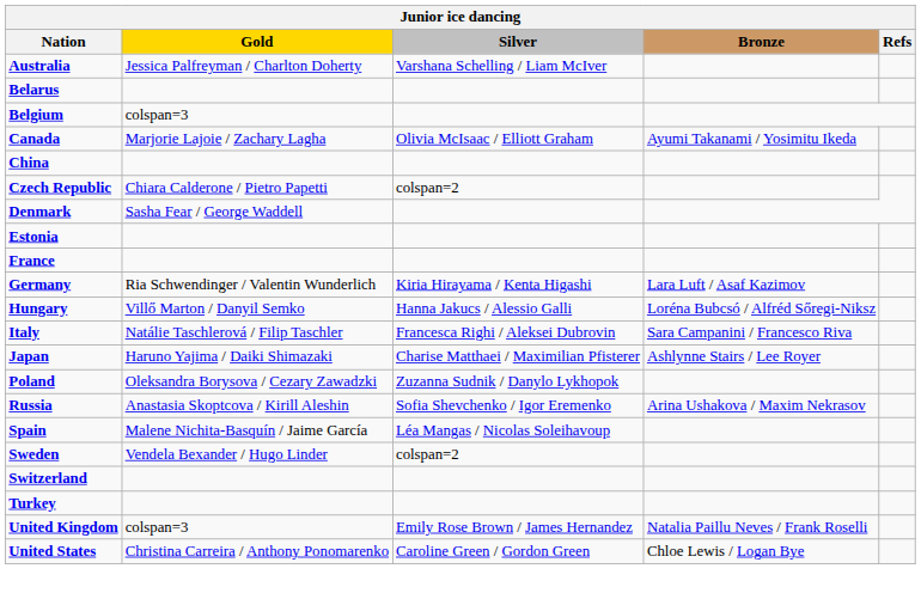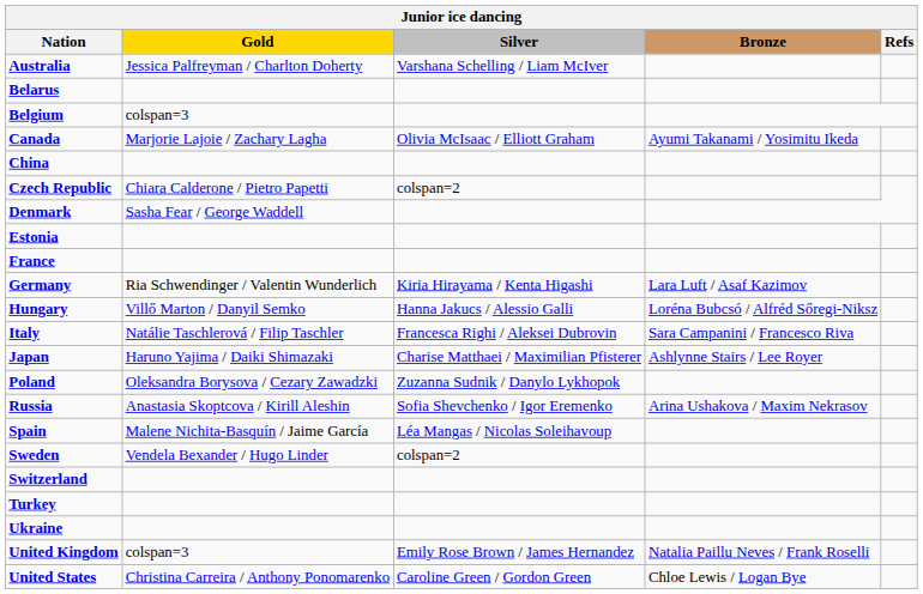 <table class="wikitable">
 <tr>
 <th colspan=5>Junior ice dancing</th>
 </tr>
 <tr>
 <th>Nation</th>
 <td style="text-align:center; background:gold;"><strong>Gold</strong></td>
 <td style="text-align:center; background:silver;"><strong>Silver</strong></td>
 <td style="text-align:center; background:#c96;"><strong>Bronze</strong></td>
 <th>Refs</th>
 </tr>
 <tr>
 <td><strong><a href='#'>Australia</a></strong></td>
 <td><a href='#'>Jessica Palfreyman</a> / <a href='#'>Charlton Doherty</a></td>
 <td><a href='#'>Varshana Schelling</a> / <a href='#'>Liam McIver</a></td>
 <td></td>
 <td></td>
 </tr>
 <tr>
 <td><strong><a href='#'>Belarus</a></strong></td>
 <td></td>
 <td></td>
 <td></td>
 <td></td>
 </tr>
 <tr>
 <td><strong><a href='#'>Belgium</a></strong></td>
 <td>colspan=3 </td>
 <td></td>
 </tr>
 <tr>
 <td><strong><a href='#'>Canada</a></strong></td>
 <td><a href='#'>Marjorie Lajoie</a> / <a href='#'>Zachary Lagha</a></td>
 <td><a href='#'>Olivia McIsaac</a> / <a href='#'>Elliott Graham</a></td>
 <td><a href='#'>Ayumi Takanami</a> / <a href='#'>Yosimitu Ikeda</a></td>
 <td></td>
 </tr>
 <tr>
 <td><strong><a href='#'>China</a></strong></td>
 <td></td>
 <td></td>
 <td></td>
 <td></td>
 </tr>
 <tr>
 <td><strong><a href='#'>Czech Republic</a></strong></td>
 <td><a href='#'>Chiara Calderone</a> / <a href='#'>Pietro Papetti</a></td>
 <td>colspan=2 </td>
 <td></td>
 </tr>
 <tr>
 <td><strong><a href='#'>Denmark</a></strong></td>
 <td><a href='#'>Sasha Fear</a> / <a href='#'>George Waddell</a></td>
 <td></td>
 </tr>
 <tr>
 <td><strong><a href='#'>Estonia</a></strong></td>
 <td></td>
 <td></td>
 <td></td>
 <td></td>
 </tr>
 <tr>
 <td><strong><a href='#'>France</a></strong></td>
 <td></td>
 <td></td>
 <td></td>
 <td></td>
 </tr>
 <tr>
 <td><strong><a href='#'>Germany</a></strong></td>
 <td>Ria Schwendinger / Valentin Wunderlich</td>
 <td><a href='#'>Kiria Hirayama</a> / <a href='#'>Kenta Higashi</a></td>
 <td><a href='#'>Lara Luft</a> / <a href='#'>Asaf Kazimov</a></td>
 <td></td>
 </tr>
 <tr>
 <td><strong><a href='#'>Hungary</a></strong></td>
 <td><a href='#'>Villő Marton</a> / <a href='#'>Danyil Semko</a></td>
 <td><a href='#'>Hanna Jakucs</a> / <a href='#'>Alessio Galli</a></td>
 <td><a href='#'>Loréna Bubcsó</a> / <a href='#'>Alfréd Sőregi-Niksz</a></td>
 <td></td>
 </tr>
 <tr>
 <td><strong><a href='#'>Italy</a></strong></td>
 <td><a href='#'>Natálie Taschlerová</a> / <a href='#'>Filip Taschler</a></td>
 <td><a href='#'>Francesca Righi</a> / <a href='#'>Aleksei Dubrovin</a></td>
 <td><a href='#'>Sara Campanini</a> / <a href='#'>Francesco Riva</a></td>
 <td></td>
 </tr>
 <tr>
 <td><strong><a href='#'>Japan</a></strong></td>
 <td><a href='#'>Haruno Yajima</a> / <a href='#'>Daiki Shimazaki</a></td>
 <td><a href='#'>Charise Matthaei</a> / <a href='#'>Maximilian Pfisterer</a></td>
 <td><a href='#'>Ashlynne Stairs</a> / <a href='#'>Lee Royer</a></td>
 <td></td>
 </tr>
 <tr>
 <td><strong><a href='#'>Poland</a></strong></td>
 <td><a href='#'>Oleksandra Borysova</a> / <a href='#'>Cezary Zawadzki</a></td>
 <td><a href='#'>Zuzanna Sudnik</a> / <a href='#'>Danylo Lykhopok</a></td>
 <td></td>
 <td></td>
 </tr>
 <tr>
 <td><strong><a href='#'>Russia</a></strong></td>
 <td><a href='#'>Anastasia Skoptcova</a> / <a href='#'>Kirill Aleshin</a></td>
 <td><a href='#'>Sofia Shevchenko</a> / <a href='#'>Igor Eremenko</a></td>
 <td><a href='#'>Arina Ushakova</a> / <a href='#'>Maxim Nekrasov</a></td>
 <td></td>
 </tr>
 <tr>
 <td><strong><a href='#'>Spain</a></strong></td>
 <td><a href='#'>Malene Nichita-Basquín</a> / Jaime García</td>
 <td><a href='#'>Léa Mangas</a> / <a href='#'>Nicolas Soleihavoup</a></td>
 <td></td>
 <td></td>
 </tr>
 <tr>
 <td><strong><a href='#'>Sweden</a></strong></td>
 <td><a href='#'>Vendela Bexander</a> / <a href='#'>Hugo Linder</a></td>
 <td>colspan=2 </td>
 <td></td>
 </tr>
 <tr>
 <td><strong><a href='#'>Switzerland</a></strong></td>
 <td></td>
 <td></td>
 <td></td>
 <td></td>
 </tr>
 <tr>
 <td><strong><a href='#'>Turkey</a></strong></td>
 <td></td>
 <td></td>
 <td></td>
 <td></td>
 </tr>
 <tr>
+<td><strong><a href='#'>Ukraine</a></strong></td>
+<td></td>
+<td></td>
+<td></td>
+<td></td>
+</tr>
+<tr>
 <td><strong><a href='#'>United Kingdom</a></strong></td>
 <td>colspan=3 </td>
 <td><a href='#'>Emily Rose Brown</a> / <a href='#'>James Hernandez</a></td>
 <td><a href='#'>Natalia Paillu Neves</a> / <a href='#'>Frank Roselli</a></td>
 <td></td>
 </tr>
 <tr>
 <td><strong><a href='#'>United States</a></strong></td>
 <td><a href='#'>Christina Carreira</a> / <a href='#'>Anthony Ponomarenko</a></td>
 <td><a href='#'>Caroline Green</a> / <a href='#'>Gordon Green</a></td>
 <td>Chloe Lewis / <a href='#'>Logan Bye</a></td>
 <td></td>
 </tr>
 </table>
